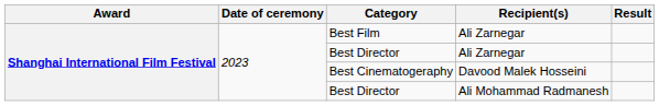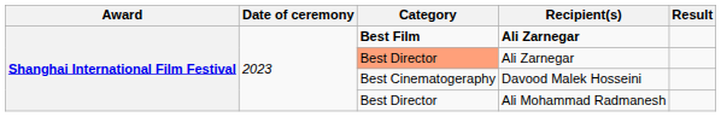 <table class="wikitable plainrowheaders sortable">
 <tr>
 <th scope="col">Award</th>
 <th scope="col">Date of ceremony</th>
 <th scope="col">Category</th>
 <th scope="col">Recipient(s)</th>
 <th scope="col" class="unsortable">Result</th>
 </tr>
 <tr>
 <th rowspan="4" scope="row"><a href='#'>Shanghai International Film Festival</a></th>
 <td rowspan="4"><em>2023</em></td>
-<td>‌Best Film</td>
-<td>Ali Zarnegar</td>
+<td><strong>‌Best Film</strong></td>
+<td><strong>Ali Zarnegar</strong></td>
 <td></td>
 </tr>
 <tr>
-<td>‌Best Director</td>
+<td style="background: lightsalmon;">‌Best Director</td>
 <td>Ali Zarnegar</td>
 <td></td>
 </tr>
 <tr>
 <td>‌Best Cinematogeraphy</td>
 <td>Davood Malek Hosseini</td>
 <td></td>
 </tr>
 <tr>
 <td>‌Best Director</td>
 <td>Ali Mohammad Radmanesh</td>
 <td></td>
 </tr>
 </table>
